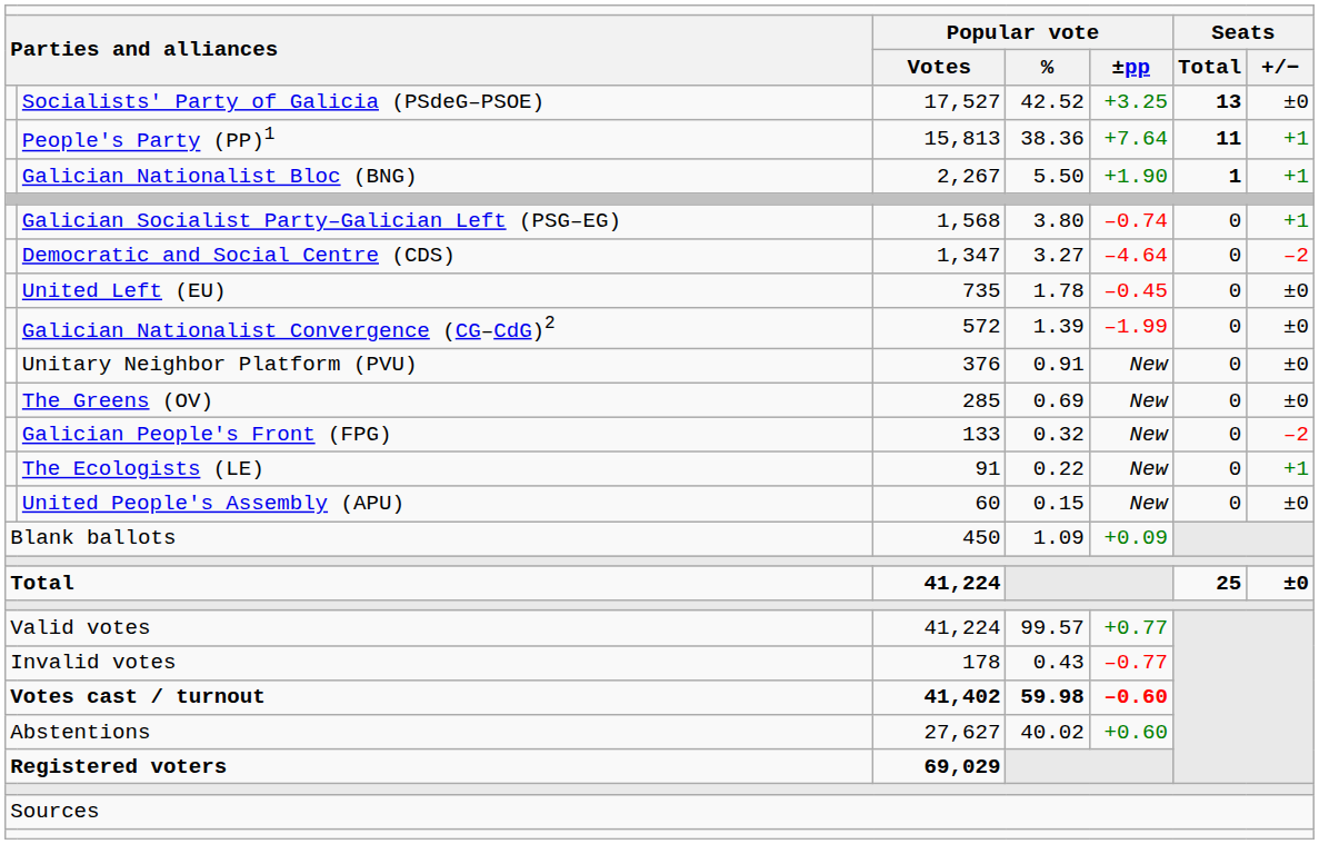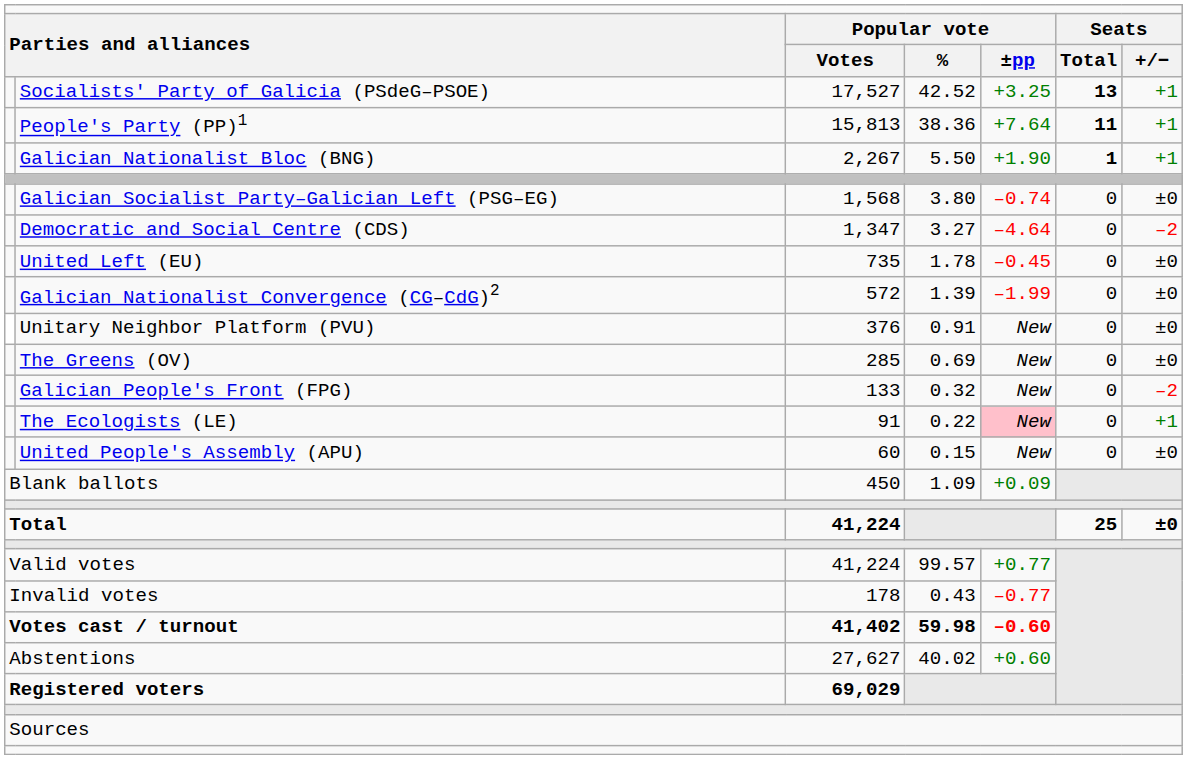 <table class="wikitable" style="text-align:right;">
 <tr>
 <td colspan="7"></td>
 </tr>
 <tr>
 <th style="text-align:left;" rowspan="2" colspan="2" width="525">Parties and alliances</th>
 <th colspan="3">Popular vote</th>
 <th colspan="2">Seats</th>
 </tr>
 <tr>
 <th width="75">Votes</th>
 <th width="45">%</th>
 <th width="45">±<a href='#'>pp</a></th>
 <th width="35">Total</th>
 <th width="35">+/−</th>
 </tr>
 <tr>
 <td width="1" style="color:inherit;background:"></td>
 <td align="left"><a href='#'>Socialists' Party of Galicia</a> (PSdeG–PSOE)</td>
 <td>17,527</td>
 <td>42.52</td>
 <td style="color:green;">+3.25</td>
 <td><strong>13</strong></td>
-<td>±0</td>
+<td style="color:green;">+1</td>
 </tr>
 <tr>
 <td style="color:inherit;background:"></td>
 <td align="left"><a href='#'>People's Party</a> (PP)<sup>1</sup></td>
 <td>15,813</td>
 <td>38.36</td>
 <td style="color:green;">+7.64</td>
 <td><strong>11</strong></td>
 <td style="color:green;">+1</td>
 </tr>
 <tr>
 <td style="color:inherit;background:"></td>
 <td align="left"><a href='#'>Galician Nationalist Bloc</a> (BNG)</td>
 <td>2,267</td>
 <td>5.50</td>
 <td style="color:green;">+1.90</td>
 <td><strong>1</strong></td>
 <td style="color:green;">+1</td>
 </tr>
 <tr>
 <td colspan="7" bgcolor="#C0C0C0"></td>
 </tr>
 <tr>
 <td style="color:inherit;background:"></td>
 <td align="left"><a href='#'>Galician Socialist Party–Galician Left</a> (PSG–EG)</td>
 <td>1,568</td>
 <td>3.80</td>
 <td style="color:red;">–0.74</td>
 <td>0</td>
-<td style="color:green;">+1</td>
+<td>±0</td>
 </tr>
 <tr>
 <td style="color:inherit;background:"></td>
 <td align="left"><a href='#'>Democratic and Social Centre</a> (CDS)</td>
 <td>1,347</td>
 <td>3.27</td>
 <td style="color:red;">–4.64</td>
 <td>0</td>
 <td style="color:red;">–2</td>
 </tr>
 <tr>
 <td style="color:inherit;background:"></td>
 <td align="left"><a href='#'>United Left</a> (EU)</td>
 <td>735</td>
 <td>1.78</td>
 <td style="color:red;">–0.45</td>
 <td>0</td>
 <td>±0</td>
 </tr>
 <tr>
 <td style="color:inherit;background:"></td>
 <td align="left"><a href='#'>Galician Nationalist Convergence</a> (<a href='#'>CG</a>–<a href='#'>CdG</a>)<sup>2</sup></td>
 <td>572</td>
 <td>1.39</td>
 <td style="color:red;">–1.99</td>
 <td>0</td>
 <td>±0</td>
 </tr>
 <tr>
 <td bgcolor="white"></td>
 <td align="left">Unitary Neighbor Platform (PVU)</td>
 <td>376</td>
 <td>0.91</td>
 <td><em>New</em></td>
 <td>0</td>
 <td>±0</td>
 </tr>
 <tr>
 <td style="color:inherit;background:"></td>
 <td align="left"><a href='#'>The Greens</a> (OV)</td>
 <td>285</td>
 <td>0.69</td>
 <td><em>New</em></td>
 <td>0</td>
 <td>±0</td>
 </tr>
 <tr>
 <td style="color:inherit;background:"></td>
 <td align="left"><a href='#'>Galician People's Front</a> (FPG)</td>
 <td>133</td>
 <td>0.32</td>
 <td><em>New</em></td>
 <td>0</td>
 <td style="color:red;">–2</td>
 </tr>
 <tr>
 <td style="color:inherit;background:"></td>
 <td align="left"><a href='#'>The Ecologists</a> (LE)</td>
 <td>91</td>
 <td>0.22</td>
-<td><em>New</em></td>
+<td style="background: pink;"><em>New</em></td>
 <td>0</td>
 <td style="color:green;">+1</td>
 </tr>
 <tr>
 <td style="color:inherit;background:"></td>
 <td align="left"><a href='#'>United People's Assembly</a> (APU)</td>
 <td>60</td>
 <td>0.15</td>
 <td><em>New</em></td>
 <td>0</td>
 <td>±0</td>
 </tr>
 <tr>
 <td align="left" colspan="2">Blank ballots</td>
 <td>450</td>
 <td>1.09</td>
 <td style="color:green;">+0.09</td>
 <td bgcolor="#E9E9E9" colspan="2"></td>
 </tr>
 <tr>
 <td colspan="7" bgcolor="#E9E9E9"></td>
 </tr>
 <tr style="font-weight:bold;">
 <td align="left" colspan="2">Total</td>
 <td>41,224</td>
 <td bgcolor="#E9E9E9" colspan="2"></td>
 <td>25</td>
 <td>±0</td>
 </tr>
 <tr>
 <td colspan="7" bgcolor="#E9E9E9"></td>
 </tr>
 <tr>
 <td align="left" colspan="2">Valid votes</td>
 <td>41,224</td>
 <td>99.57</td>
 <td style="color:green;">+0.77</td>
 <td bgcolor="#E9E9E9" colspan="2" rowspan="5"></td>
 </tr>
 <tr>
 <td align="left" colspan="2">Invalid votes</td>
 <td>178</td>
 <td>0.43</td>
 <td style="color:red;">–0.77</td>
 </tr>
 <tr style="font-weight:bold;">
 <td align="left" colspan="2">Votes cast / turnout</td>
 <td>41,402</td>
 <td>59.98</td>
 <td style="color:red;">–0.60</td>
 </tr>
 <tr>
 <td align="left" colspan="2">Abstentions</td>
 <td>27,627</td>
 <td>40.02</td>
 <td style="color:green;">+0.60</td>
 </tr>
 <tr style="font-weight:bold;">
 <td align="left" colspan="2">Registered voters</td>
 <td>69,029</td>
 <td bgcolor="#E9E9E9" colspan="2"></td>
 </tr>
 <tr>
 <td colspan="7" bgcolor="#E9E9E9"></td>
 </tr>
 <tr>
 <td align="left" colspan="7">Sources</td>
 </tr>
 <tr>
 <td colspan="7" style="text-align:left; max-width:790px;"></td>
 </tr>
 </table>
